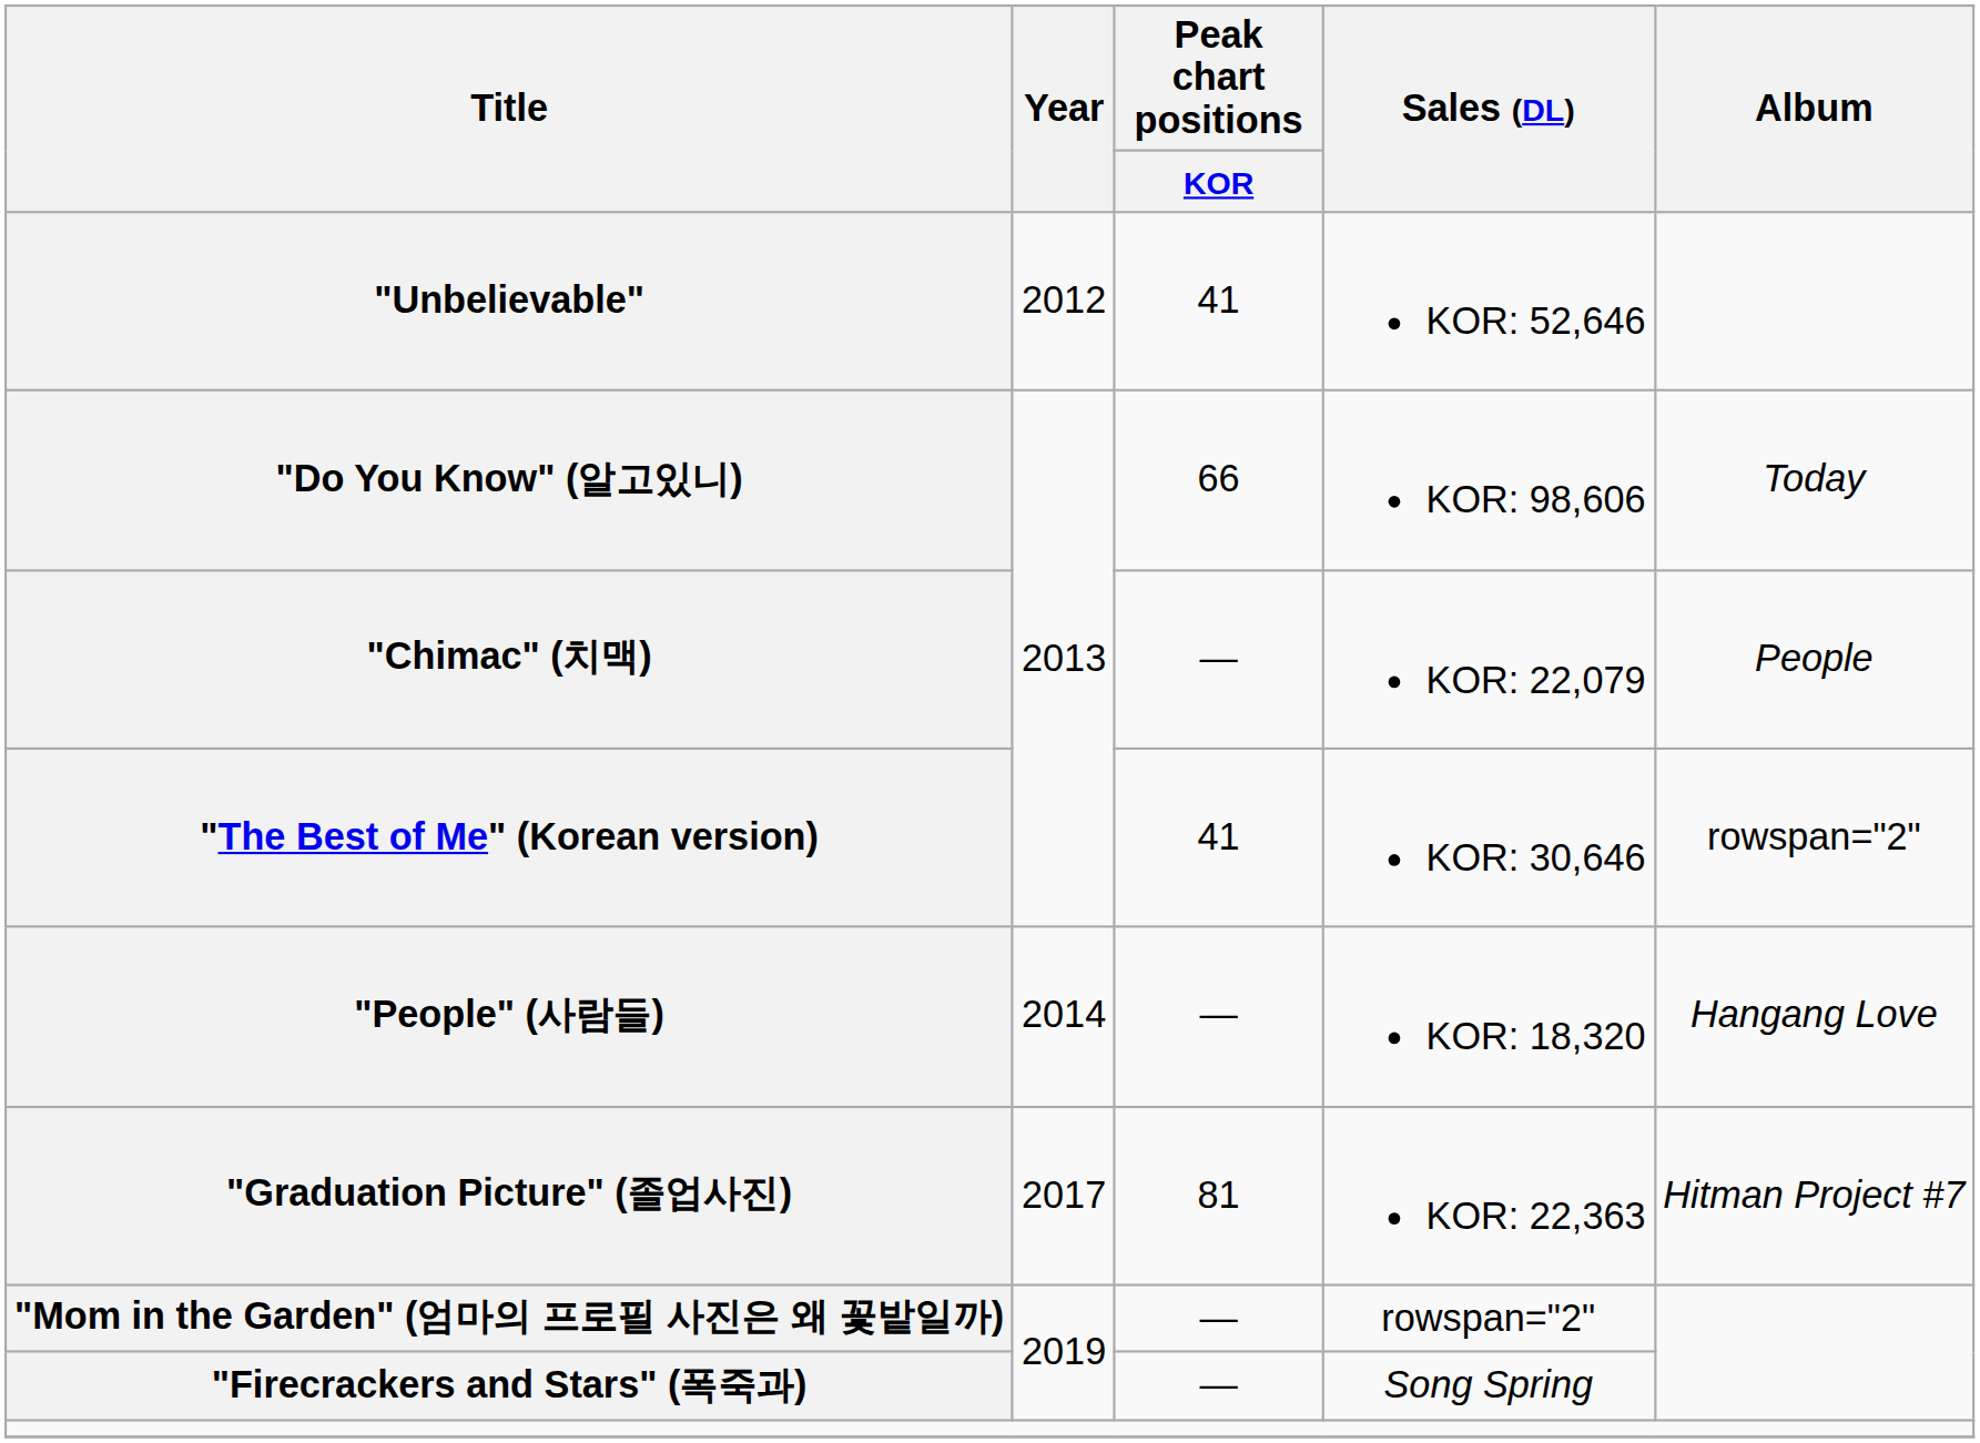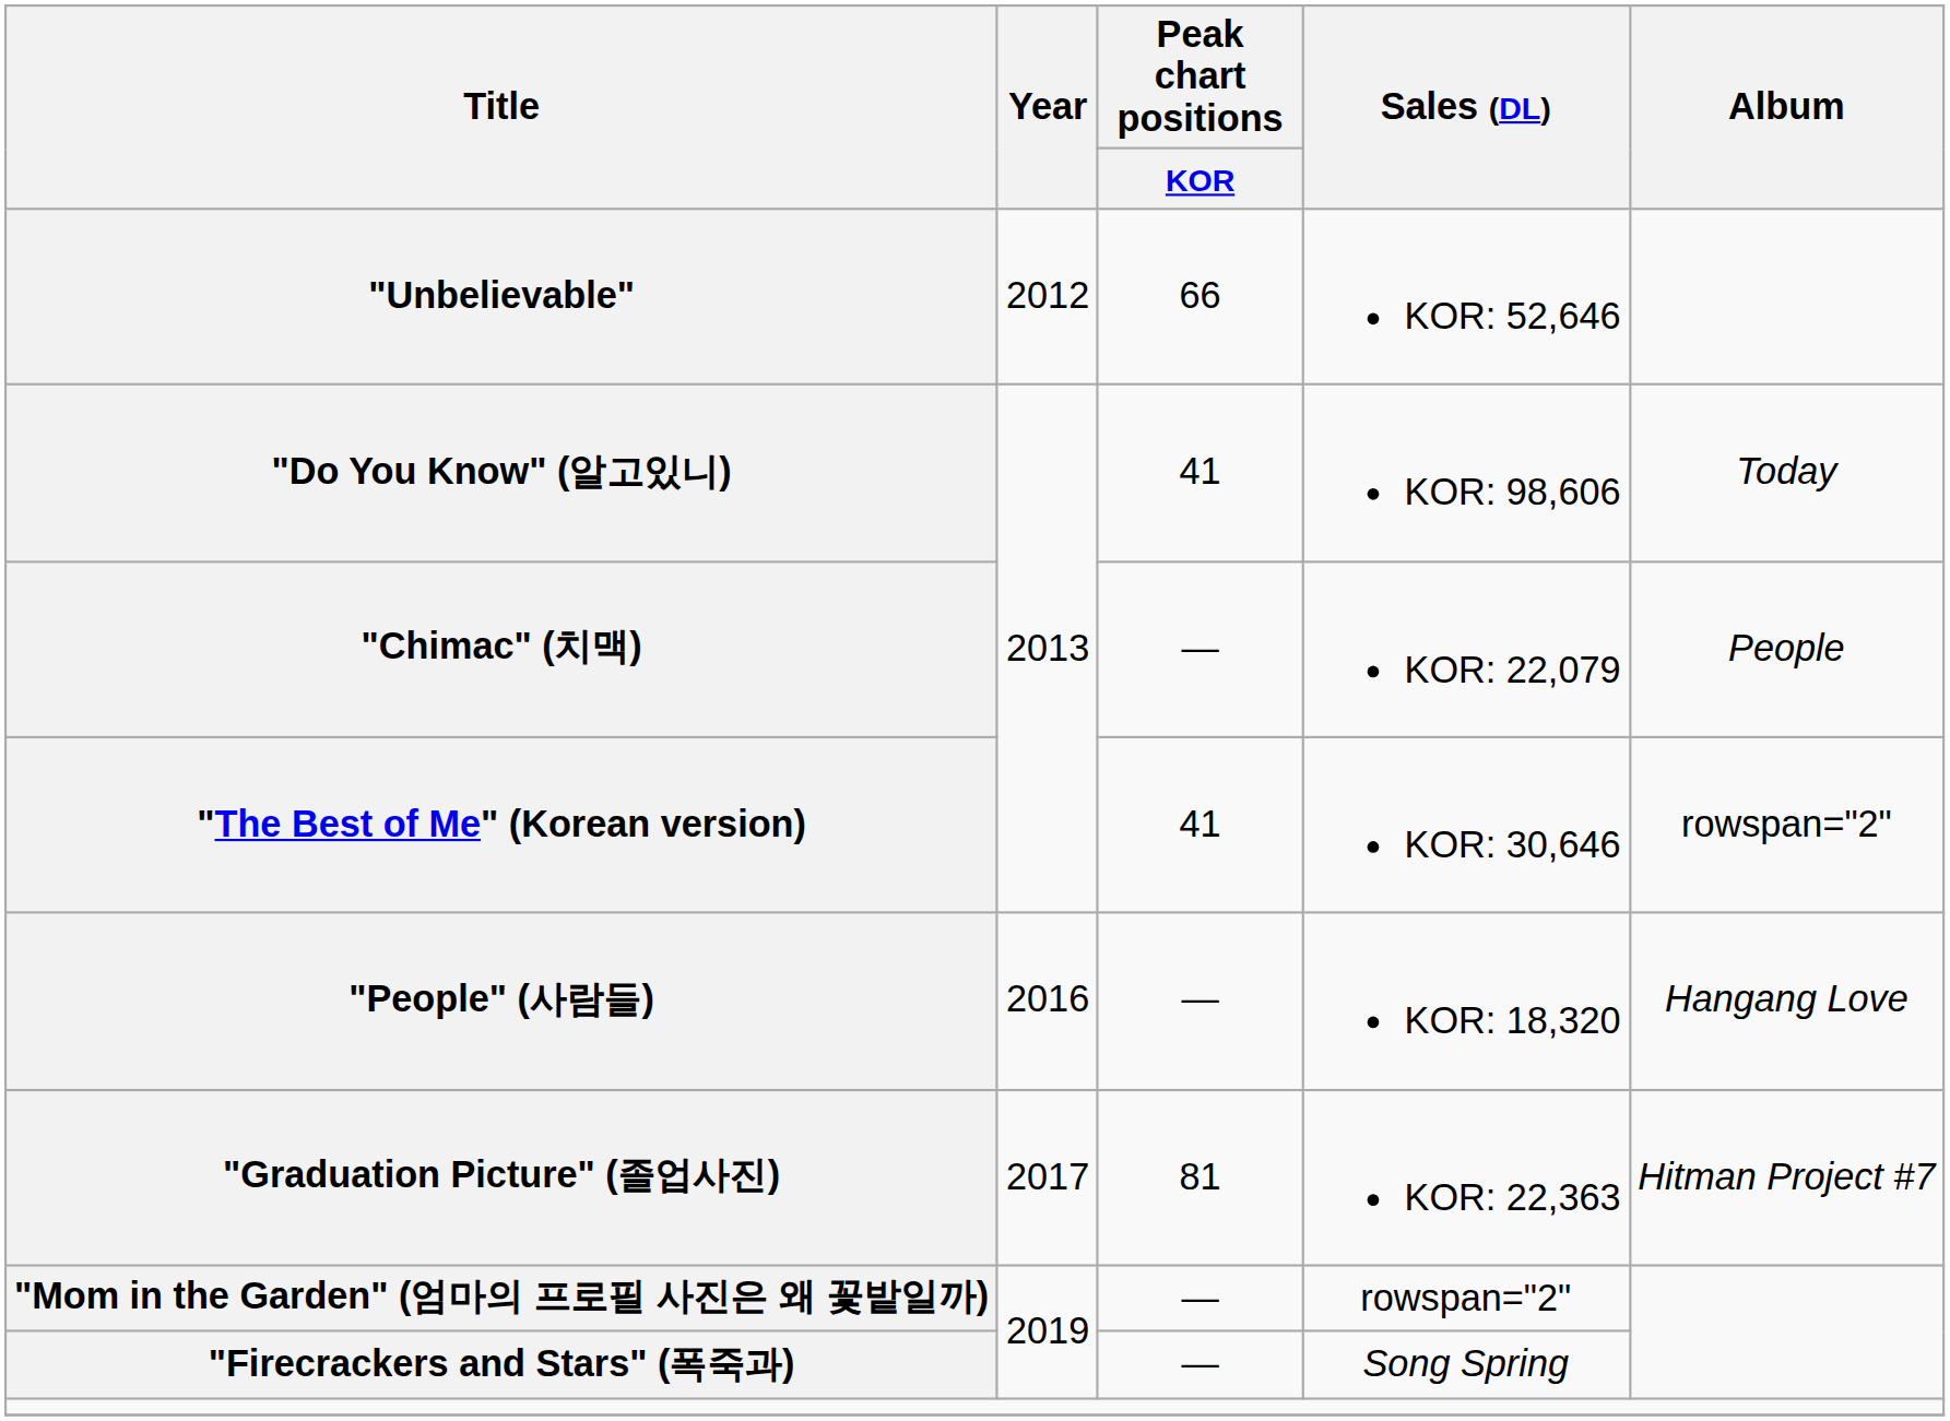 <table class="wikitable plainrowheaders" style="text-align:center;">
 <tr>
 <th scope="col" rowspan="2">Title</th>
 <th scope="col" rowspan="2">Year</th>
 <th scope="col" colspan="1" style="width:5em;">Peak chart positions</th>
 <th scope="col" rowspan="2">Sales <small>(<a href='#'>DL</a>)</small></th>
 <th scope="col" rowspan="2">Album</th>
 </tr>
 <tr>
 <th><small><a href='#'>KOR</a></small><br></th>
 </tr>
 <tr>
 <th scope="row">"Unbelievable"<br></th>
 <td>2012</td>
-<td>41</td>
+<td>66</td>
 <td><br><ul><li>KOR: 52,646</li></ul></td>
 <td></td>
 </tr>
 <tr>
 <th scope="row">"Do You Know" (알고있니)</th>
 <td rowspan="3">2013</td>
-<td>66</td>
+<td>41</td>
 <td><br><ul><li>KOR: 98,606</li></ul></td>
 <td><em>Today</em></td>
 </tr>
 <tr>
 <th scope="row">"Chimac" (치맥)</th>
 <td>—</td>
 <td><br><ul><li>KOR: 22,079</li></ul></td>
 <td><em>People</em></td>
 </tr>
 <tr>
 <th scope="row">"<a href='#'>The Best of Me</a>" (Korean version)</th>
 <td>41</td>
 <td><br><ul><li>KOR: 30,646</li></ul></td>
 <td>rowspan="2" </td>
 </tr>
 <tr>
 <th scope="row">"People" (사람들)</th>
-<td>2014</td>
+<td>2016</td>
 <td>—</td>
 <td><br><ul><li>KOR: 18,320</li></ul></td>
 <td><em>Hangang Love</em></td>
 </tr>
 <tr>
 <th scope="row">"Graduation Picture" (졸업사진)</th>
 <td>2017</td>
 <td>81</td>
 <td><br><ul><li>KOR: 22,363</li></ul></td>
 <td><em>Hitman Project #7</em></td>
 </tr>
 <tr>
 <th scope="row">"Mom in the Garden" (엄마의 프로필 사진은 왜 꽃밭일까)</th>
 <td rowspan="2">2019</td>
 <td>—</td>
 <td>rowspan="2" </td>
 </tr>
 <tr>
 <th scope="row">"Firecrackers and Stars" (폭죽과)</th>
 <td>—</td>
 <td><em>Song Spring</em></td>
 </tr>
 <tr>
 <td colspan="5"></td>
 </tr>
 <tr>
 </tr>
 </table>
